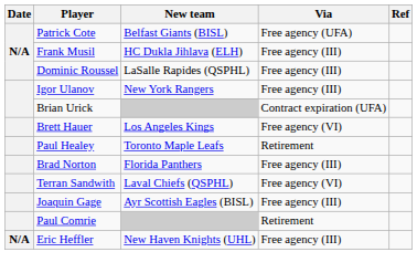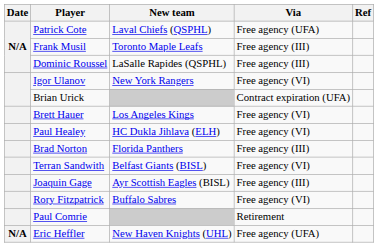 <table class="wikitable plainrowheaders">
 <tr style="background:#ddd; text-align:center;">
 <th>Date</th>
 <th>Player</th>
 <th>New team</th>
 <th>Via</th>
 <th>Ref</th>
 </tr>
 <tr>
 <th scope="row" rowspan=3>N/A</th>
 <td><a href='#'>Patrick Cote</a></td>
-<td><a href='#'>Belfast Giants</a> (<a href='#'>BISL</a>)</td>
+<td><a href='#'>Laval Chiefs</a> (<a href='#'>QSPHL</a>)</td>
 <td>Free agency (UFA)</td>
 <td></td>
 </tr>
 <tr>
 <td><a href='#'>Frank Musil</a></td>
-<td><a href='#'>HC Dukla Jihlava</a> (<a href='#'>ELH</a>)</td>
+<td><a href='#'>Toronto Maple Leafs</a></td>
 <td>Free agency (III)</td>
 <td></td>
 </tr>
 <tr>
 <td><a href='#'>Dominic Roussel</a></td>
 <td>LaSalle Rapides (QSPHL)</td>
 <td>Free agency (III)</td>
 <td></td>
 </tr>
 <tr>
 <th scope="row" rowspan=2></th>
 <td><a href='#'>Igor Ulanov</a></td>
 <td><a href='#'>New York Rangers</a></td>
-<td>Free agency (III)</td>
+<td>Free agency (VI)</td>
 <td></td>
 </tr>
 <tr>
 <td>Brian Urick</td>
 <td style="background:#ccc"></td>
 <td>Contract expiration (UFA)</td>
 <td></td>
 </tr>
 <tr>
 <th scope="row"></th>
 <td><a href='#'>Brett Hauer</a></td>
 <td><a href='#'>Los Angeles Kings</a></td>
 <td>Free agency (VI)</td>
 <td></td>
 </tr>
 <tr>
 <th scope="row"></th>
 <td><a href='#'>Paul Healey</a></td>
-<td><a href='#'>Toronto Maple Leafs</a></td>
-<td>Retirement</td>
+<td><a href='#'>HC Dukla Jihlava</a> (<a href='#'>ELH</a>)</td>
+<td>Free agency (VI)</td>
 <td></td>
 </tr>
 <tr>
 <th scope="row"></th>
 <td><a href='#'>Brad Norton</a></td>
 <td><a href='#'>Florida Panthers</a></td>
 <td>Free agency (III)</td>
 <td></td>
 </tr>
 <tr>
 <th scope="row"></th>
 <td><a href='#'>Terran Sandwith</a></td>
-<td><a href='#'>Laval Chiefs</a> (<a href='#'>QSPHL</a>)</td>
+<td><a href='#'>Belfast Giants</a> (<a href='#'>BISL</a>)</td>
 <td>Free agency (VI)</td>
 <td></td>
 </tr>
 <tr>
 <th scope="row"></th>
 <td><a href='#'>Joaquin Gage</a></td>
 <td><a href='#'>Ayr Scottish Eagles</a> (BISL)</td>
 <td>Free agency (III)</td>
+<td></td>
+</tr>
+<tr>
+<th scope="row"></th>
+<td><a href='#'>Rory Fitzpatrick</a></td>
+<td><a href='#'>Buffalo Sabres</a></td>
+<td>Free agency (VI)</td>
 <td></td>
 </tr>
 <tr>
 <th scope="row"></th>
 <td><a href='#'>Paul Comrie</a></td>
 <td style="background:#ccc"></td>
 <td>Retirement</td>
 <td></td>
 </tr>
 <tr>
 <th scope="row">N/A</th>
 <td><a href='#'>Eric Heffler</a></td>
 <td><a href='#'>New Haven Knights</a> (<a href='#'>UHL</a>)</td>
-<td>Free agency (III)</td>
+<td>Free agency (UFA)</td>
 <td></td>
 </tr>
 </table>
